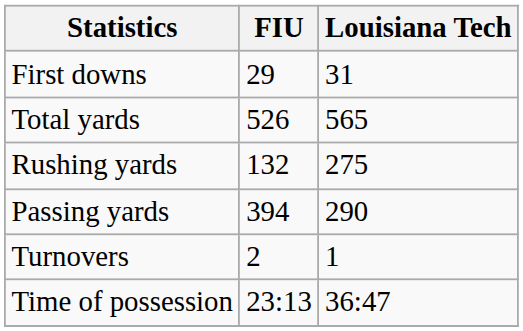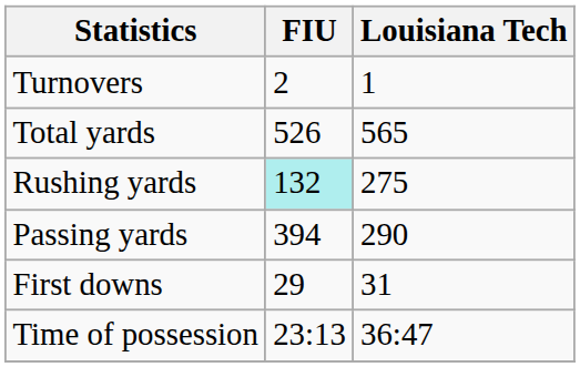 <table class="wikitable" style="float: left;">
 <tr>
 <th>Statistics</th>
 <th>FIU</th>
 <th>Louisiana Tech</th>
 </tr>
 <tr>
-<td>First downs</td>
-<td>29</td>
-<td>31</td>
+<td>Turnovers</td>
+<td>2</td>
+<td>1</td>
 </tr>
 <tr>
 <td>Total yards</td>
 <td>526</td>
 <td>565</td>
 </tr>
 <tr>
 <td>Rushing yards</td>
-<td>132</td>
+<td style="background: paleturquoise;">132</td>
 <td>275</td>
 </tr>
 <tr>
 <td>Passing yards</td>
 <td>394</td>
 <td>290</td>
 </tr>
 <tr>
-<td>Turnovers</td>
-<td>2</td>
-<td>1</td>
+<td>First downs</td>
+<td>29</td>
+<td>31</td>
 </tr>
 <tr>
 <td>Time of possession</td>
 <td>23:13</td>
 <td>36:47</td>
 </tr>
 <tr>
 </tr>
 </table>
